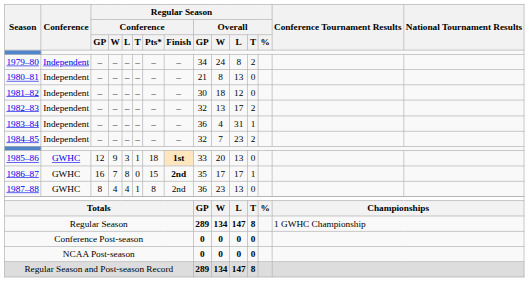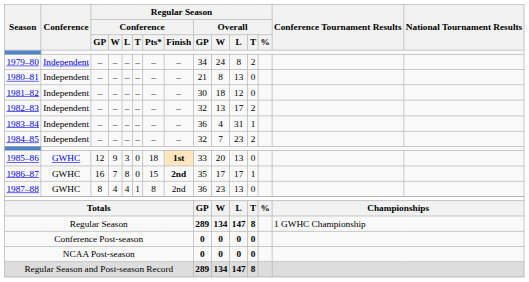 <table class="wikitable" style="text-align: center; font-size: 95%">
 <tr>
 <th rowspan="3">Season</th>
 <th rowspan="3">Conference</th>
 <th colspan="11">Regular Season</th>
 <th rowspan="3">Conference Tournament Results</th>
 <th rowspan="3">National Tournament Results</th>
 </tr>
 <tr>
 <th colspan="6">Conference</th>
 <th colspan="5">Overall</th>
 </tr>
 <tr>
 <th>GP</th>
 <th>W</th>
 <th>L</th>
 <th>T</th>
 <th>Pts*</th>
 <th>Finish</th>
 <th>GP</th>
 <th>W</th>
 <th>L</th>
 <th>T</th>
 <th>%</th>
 </tr>
 <tr>
 <td style="color:white; background:#5084CB; "><a href='#'></a> </td>
 </tr>
 <tr>
 <td><a href='#'>1979–80</a></td>
 <td><a href='#'>Independent</a></td>
 <td>–</td>
 <td>–</td>
 <td>–</td>
 <td>–</td>
 <td>–</td>
 <td>–</td>
 <td>34</td>
 <td>24</td>
 <td>8</td>
 <td>2</td>
 <td></td>
 <td align="left"></td>
 <td align="left"></td>
 </tr>
 <tr>
 <td><a href='#'>1980–81</a></td>
 <td>Independent</td>
 <td>–</td>
 <td>–</td>
 <td>–</td>
 <td>–</td>
 <td>–</td>
 <td>–</td>
 <td>21</td>
 <td>8</td>
 <td>13</td>
 <td>0</td>
 <td></td>
 <td align="left"></td>
 <td align="left"></td>
 </tr>
 <tr>
 <td><a href='#'>1981–82</a></td>
 <td>Independent</td>
 <td>–</td>
 <td>–</td>
 <td>–</td>
 <td>–</td>
 <td>–</td>
 <td>–</td>
 <td>30</td>
 <td>18</td>
 <td>12</td>
 <td>0</td>
 <td></td>
 <td align="left"></td>
 <td align="left"></td>
 </tr>
 <tr>
 <td><a href='#'>1982–83</a></td>
 <td>Independent</td>
 <td>–</td>
 <td>–</td>
 <td>–</td>
 <td>–</td>
 <td>–</td>
 <td>–</td>
 <td>32</td>
 <td>13</td>
 <td>17</td>
 <td>2</td>
 <td></td>
 <td align="left"></td>
 <td align="left"></td>
 </tr>
 <tr>
 <td><a href='#'>1983–84</a></td>
 <td>Independent</td>
 <td>–</td>
 <td>–</td>
 <td>–</td>
 <td>–</td>
 <td>–</td>
 <td>–</td>
 <td>36</td>
 <td>4</td>
 <td>31</td>
 <td>1</td>
 <td></td>
 <td align="left"></td>
 <td align="left"></td>
 </tr>
 <tr>
 <td><a href='#'>1984–85</a></td>
 <td>Independent</td>
 <td>–</td>
 <td>–</td>
 <td>–</td>
 <td>–</td>
 <td>–</td>
 <td>–</td>
 <td>32</td>
 <td>7</td>
 <td>23</td>
 <td>2</td>
 <td></td>
 <td align="left"></td>
 <td align="left"></td>
 </tr>
 <tr>
 <td style="color:white; background:#5084CB; "><a href='#'></a> </td>
 </tr>
 <tr>
 <td><a href='#'>1985–86</a></td>
 <td><a href='#'>GWHC</a></td>
 <td>12</td>
 <td>9</td>
 <td>3</td>
-<td>1</td>
+<td>0</td>
 <td>18</td>
 <td style="background: #FFE6BD;"><strong>1st</strong></td>
 <td>33</td>
 <td>20</td>
 <td>13</td>
 <td>0</td>
 <td></td>
 <td align="left"></td>
 <td align="left"></td>
 </tr>
 <tr>
 <td><a href='#'>1986–87</a></td>
 <td>GWHC</td>
 <td>16</td>
 <td>7</td>
 <td>8</td>
 <td>0</td>
 <td>15</td>
 <td><strong>2nd</strong></td>
 <td>35</td>
 <td>17</td>
 <td>17</td>
 <td>1</td>
 <td></td>
 <td align="left"></td>
 <td align="left"></td>
 </tr>
 <tr>
 <td><a href='#'>1987–88</a></td>
 <td>GWHC</td>
 <td>8</td>
 <td>4</td>
 <td>4</td>
 <td>1</td>
 <td>8</td>
 <td>2nd</td>
 <td>36</td>
 <td>23</td>
 <td>13</td>
 <td>0</td>
 <td></td>
 <td align="left"></td>
 <td align="left"></td>
 </tr>
 <tr>
 </tr>
 <tr ->
 </tr>
 <tr>
 <td colspan="16" style="background:#fff;"></td>
 </tr>
 <tr>
 <th colspan="8">Totals</th>
 <th>GP</th>
 <th>W</th>
 <th>L</th>
 <th>T</th>
 <th>%</th>
 <th colspan="2">Championships</th>
 </tr>
 <tr>
 <td colspan="8">Regular Season</td>
 <td><strong>289</strong></td>
 <td><strong>134</strong></td>
 <td><strong>147</strong></td>
 <td><strong>8</strong></td>
 <td><strong></strong></td>
 <td colspan="2" align="left">1 GWHC Championship</td>
 </tr>
 <tr>
 <td colspan="8">Conference Post-season</td>
 <td><strong>0</strong></td>
 <td><strong>0</strong></td>
 <td><strong>0</strong></td>
 <td><strong>0</strong></td>
 <td><strong></strong></td>
 <td colspan="2" align="left"></td>
 </tr>
 <tr>
 <td colspan="8">NCAA Post-season</td>
 <td><strong>0</strong></td>
 <td><strong>0</strong></td>
 <td><strong>0</strong></td>
 <td><strong>0</strong></td>
 <td><strong></strong></td>
 <td colspan="2" align="left"></td>
 </tr>
 <tr bgcolor=dddddd>
 <td colspan="8">Regular Season and Post-season Record</td>
 <td><strong>289</strong></td>
 <td><strong>134</strong></td>
 <td><strong>147</strong></td>
 <td><strong>8</strong></td>
 <td><strong></strong></td>
 <td colspan="2" align="left"></td>
 </tr>
 </table>
